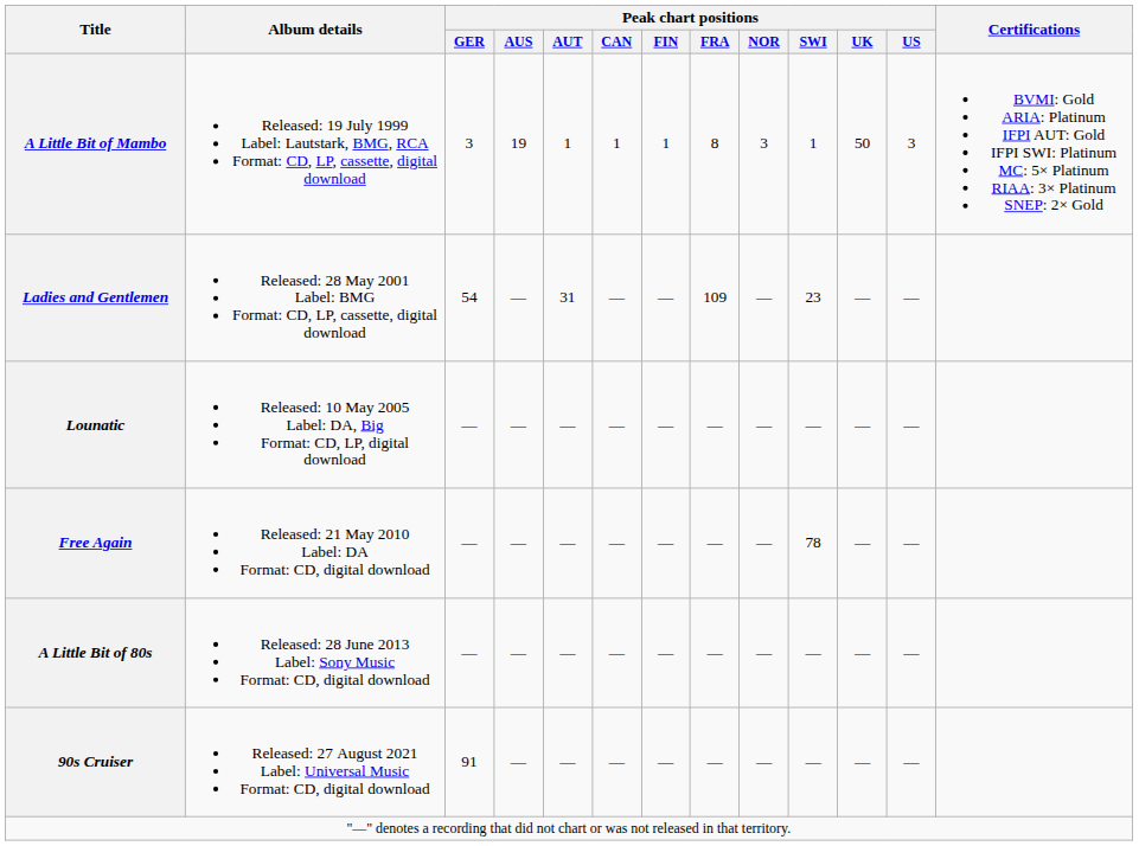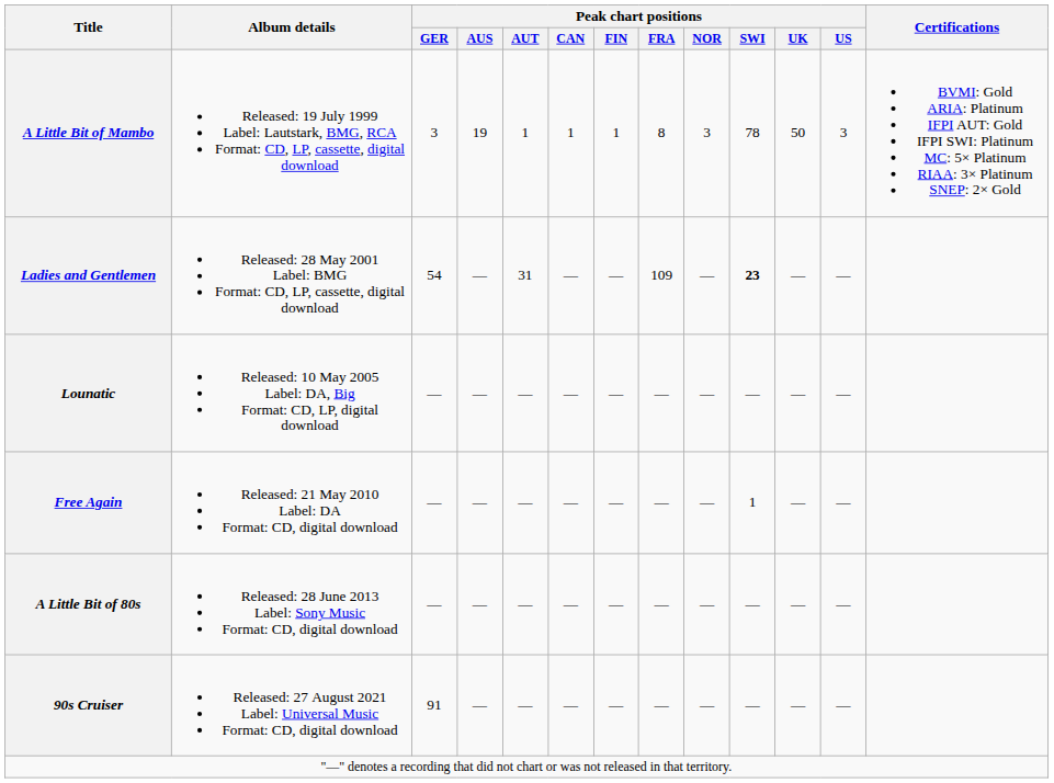 <table class="wikitable plainrowheaders" style="text-align:center;">
 <tr>
 <th scope="col" rowspan="2" style="width:11em;">Title</th>
 <th scope="col" rowspan="2" style="width:16em;">Album details</th>
 <th scope="col" colspan="10">Peak chart positions</th>
 <th scope="col" rowspan="2" style="width:12em;"><a href='#'>Certifications</a></th>
 </tr>
 <tr>
 <th style="width:3em;font-size:90%;"><a href='#'>GER</a><br></th>
 <th style="width:3em;font-size:90%;"><a href='#'>AUS</a><br></th>
 <th style="width:3em;font-size:90%;"><a href='#'>AUT</a><br></th>
 <th style="width:3em;font-size:90%;"><a href='#'>CAN</a><br></th>
 <th style="width:3em;font-size:90%;"><a href='#'>FIN</a><br></th>
 <th style="width:3em;font-size:90%;"><a href='#'>FRA</a><br></th>
 <th style="width:3em;font-size:90%;"><a href='#'>NOR</a><br></th>
 <th style="width:3em;font-size:90%;"><a href='#'>SWI</a><br></th>
 <th style="width:3em;font-size:90%;"><a href='#'>UK</a><br></th>
 <th style="width:3em;font-size:90%;"><a href='#'>US</a><br></th>
 </tr>
 <tr>
 <th scope="row"><em><a href='#'>A Little Bit of Mambo</a></em></th>
 <td><br><ul><li>Released: 19 July 1999</li><li>Label: Lautstark, <a href='#'>BMG</a>, <a href='#'>RCA</a></li><li>Format: <a href='#'>CD</a>, <a href='#'>LP</a>, <a href='#'>cassette</a>, <a href='#'>digital download</a></li></ul></td>
 <td>3</td>
 <td>19</td>
 <td>1</td>
 <td>1</td>
 <td>1</td>
 <td>8</td>
 <td>3</td>
-<td>1</td>
+<td>78</td>
 <td>50</td>
 <td>3</td>
 <td><br><ul><li><a href='#'>BVMI</a>: Gold</li><li><a href='#'>ARIA</a>: Platinum</li><li><a href='#'>IFPI</a> AUT: Gold</li><li>IFPI SWI: Platinum</li><li><a href='#'>MC</a>: 5× Platinum</li><li><a href='#'>RIAA</a>: 3× Platinum</li><li><a href='#'>SNEP</a>: 2× Gold</li></ul></td>
 </tr>
 <tr>
 <th scope="row"><em><a href='#'>Ladies and Gentlemen</a></em></th>
 <td><br><ul><li>Released: 28 May 2001</li><li>Label: BMG</li><li>Format: CD, LP, cassette, digital download</li></ul></td>
 <td>54</td>
 <td>—</td>
 <td>31</td>
 <td>—</td>
 <td>—</td>
 <td>109</td>
 <td>—</td>
-<td>23</td>
+<td><strong>23</strong></td>
 <td>—</td>
 <td>—</td>
 <td></td>
 </tr>
 <tr>
 <th scope="row"><em>Lounatic</em></th>
 <td><br><ul><li>Released: 10 May 2005</li><li>Label: DA, <a href='#'>Big</a></li><li>Format: CD, LP, digital download</li></ul></td>
 <td>—</td>
 <td>—</td>
 <td>—</td>
 <td>—</td>
 <td>—</td>
 <td>—</td>
 <td>—</td>
 <td>—</td>
 <td>—</td>
 <td>—</td>
 <td></td>
 </tr>
 <tr>
 <th scope="row"><em><a href='#'>Free Again</a></em></th>
 <td><br><ul><li>Released: 21 May 2010</li><li>Label: DA</li><li>Format: CD, digital download</li></ul></td>
 <td>—</td>
 <td>—</td>
 <td>—</td>
 <td>—</td>
 <td>—</td>
 <td>—</td>
 <td>—</td>
-<td>78</td>
+<td>1</td>
 <td>—</td>
 <td>—</td>
 <td></td>
 </tr>
 <tr>
 <th scope="row"><em>A Little Bit of 80s</em></th>
 <td><br><ul><li>Released: 28 June 2013</li><li>Label: <a href='#'>Sony Music</a></li><li>Format: CD, digital download</li></ul></td>
 <td>—</td>
 <td>—</td>
 <td>—</td>
 <td>—</td>
 <td>—</td>
 <td>—</td>
 <td>—</td>
 <td>—</td>
 <td>—</td>
 <td>—</td>
 <td></td>
 </tr>
 <tr>
 <th scope="row"><em>90s Cruiser</em></th>
 <td><br><ul><li>Released: 27 August 2021</li><li>Label: <a href='#'>Universal Music</a></li><li>Format: CD, digital download</li></ul></td>
 <td>91</td>
 <td>—</td>
 <td>—</td>
 <td>—</td>
 <td>—</td>
 <td>—</td>
 <td>—</td>
 <td>—</td>
 <td>—</td>
 <td>—</td>
 <td></td>
 </tr>
 <tr>
 <td colspan="14" style="font-size:90%">"—" denotes a recording that did not chart or was not released in that territory.</td>
 </tr>
 </table>
